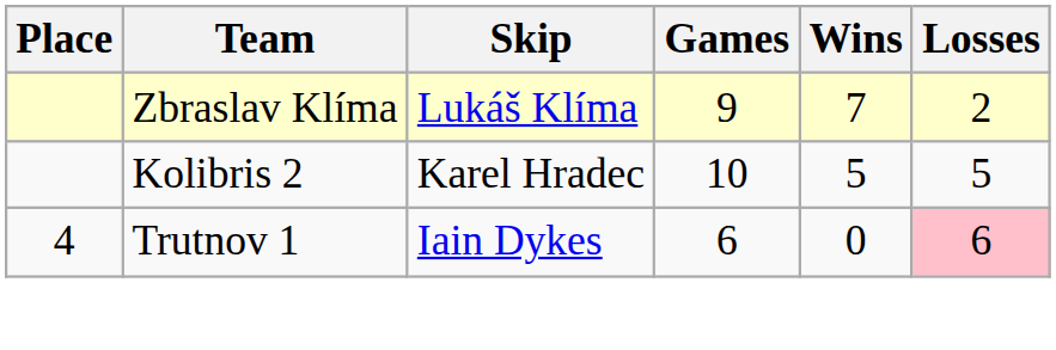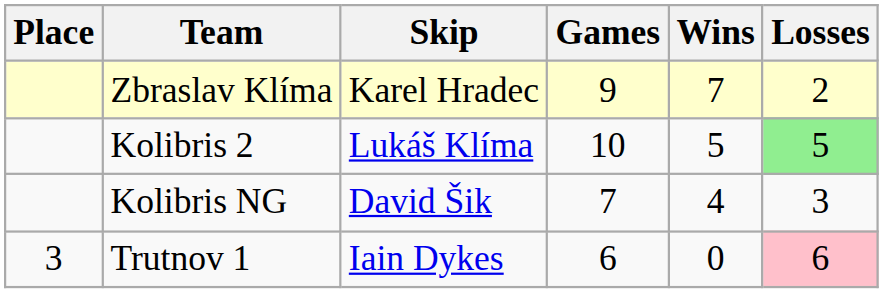 <table class="wikitable" style="text-align:center;">
 <tr>
 <th>Place</th>
 <th>Team</th>
 <th>Skip</th>
 <th>Games</th>
 <th>Wins</th>
 <th>Losses</th>
 </tr>
 <tr bgcolor=#ffc>
 <td></td>
 <td align=left>Zbraslav Klíma</td>
-<td align=left><a href='#'>Lukáš Klíma</a></td>
+<td align=left>Karel Hradec</td>
 <td>9</td>
 <td>7</td>
 <td>2</td>
 </tr>
 <tr>
 <td></td>
 <td align=left>Kolibris 2</td>
-<td align=left>Karel Hradec</td>
+<td align=left><a href='#'>Lukáš Klíma</a></td>
 <td>10</td>
 <td>5</td>
-<td>5</td>
+<td style="background: lightgreen;">5</td>
 </tr>
 <tr>
+<td></td>
+<td align=left>Kolibris NG</td>
+<td align=left><a href='#'>David Šik</a></td>
+<td>7</td>
 <td>4</td>
+<td>3</td>
+</tr>
+<tr>
+<td>3</td>
 <td align=left>Trutnov 1</td>
 <td align=left><a href='#'>Iain Dykes</a></td>
 <td>6</td>
 <td>0</td>
 <td style="background: pink;">6</td>
 </tr>
 </table>
